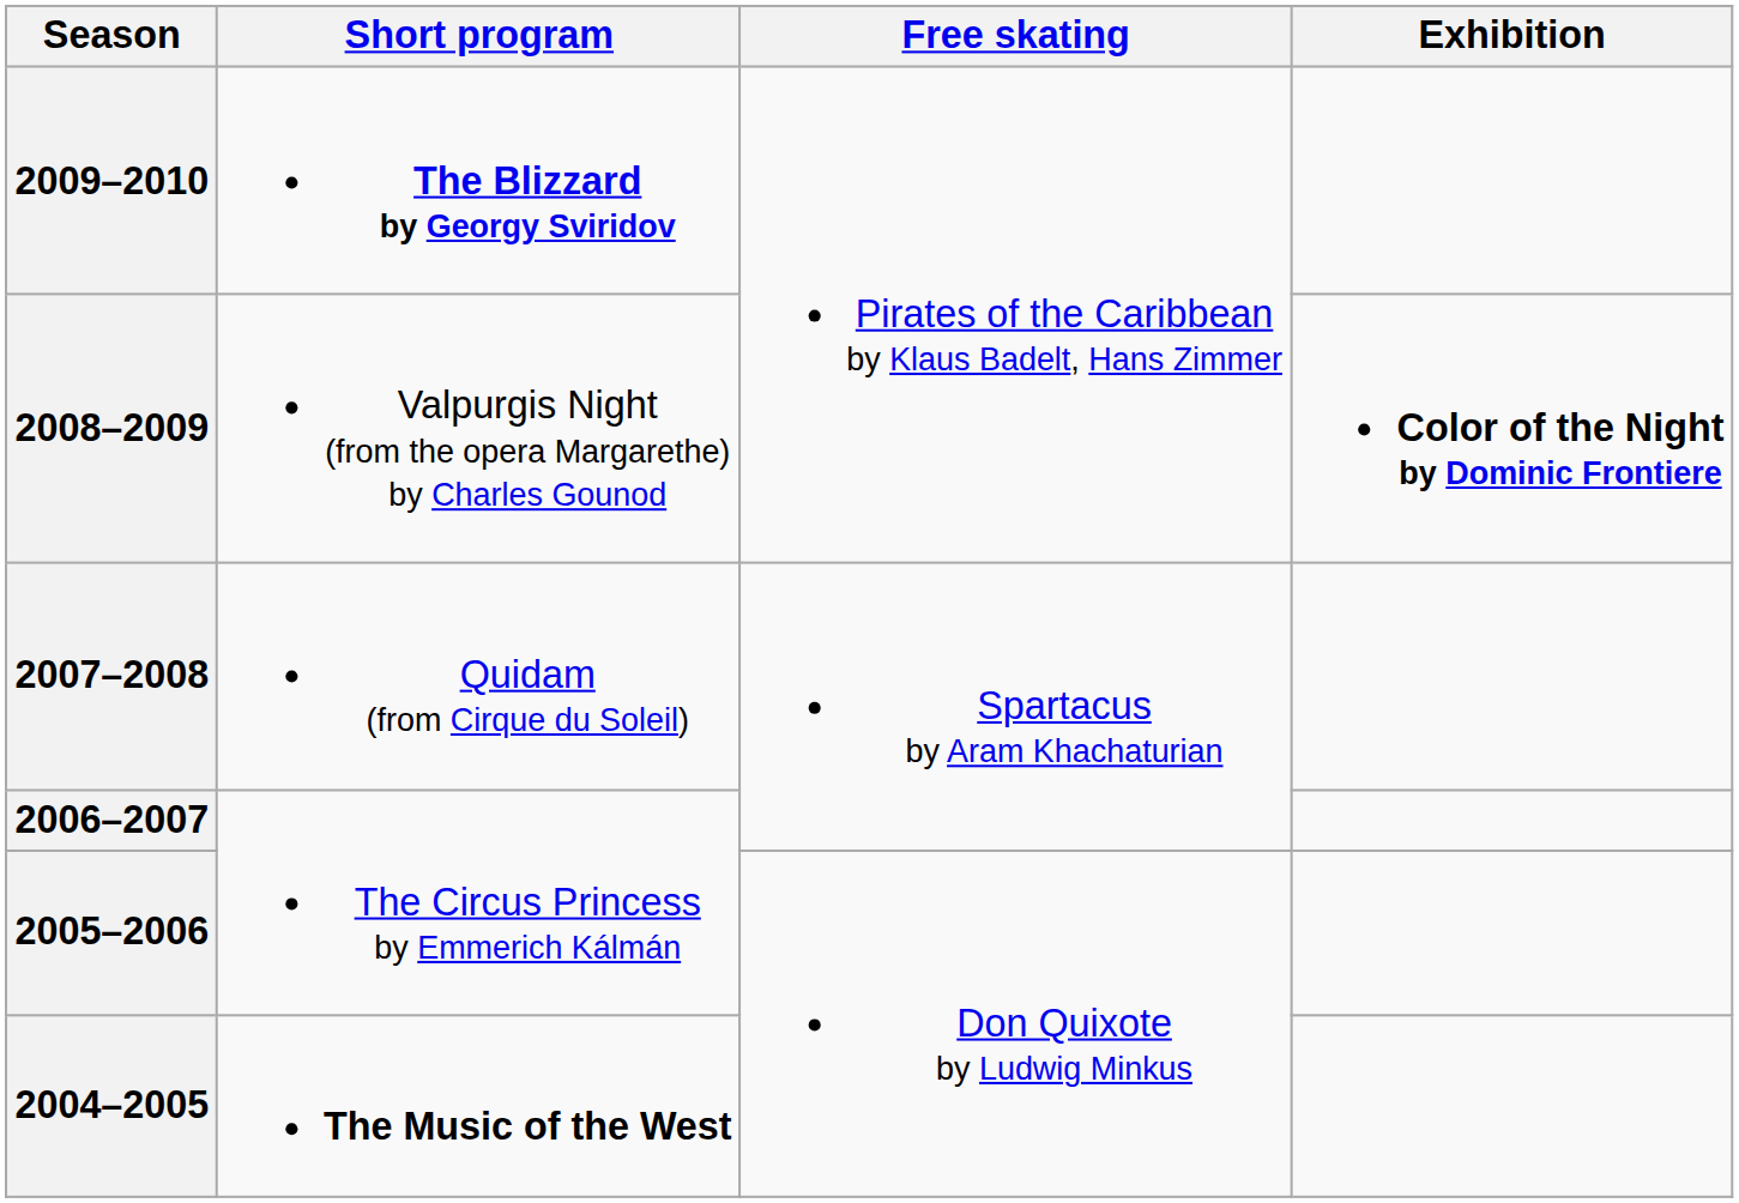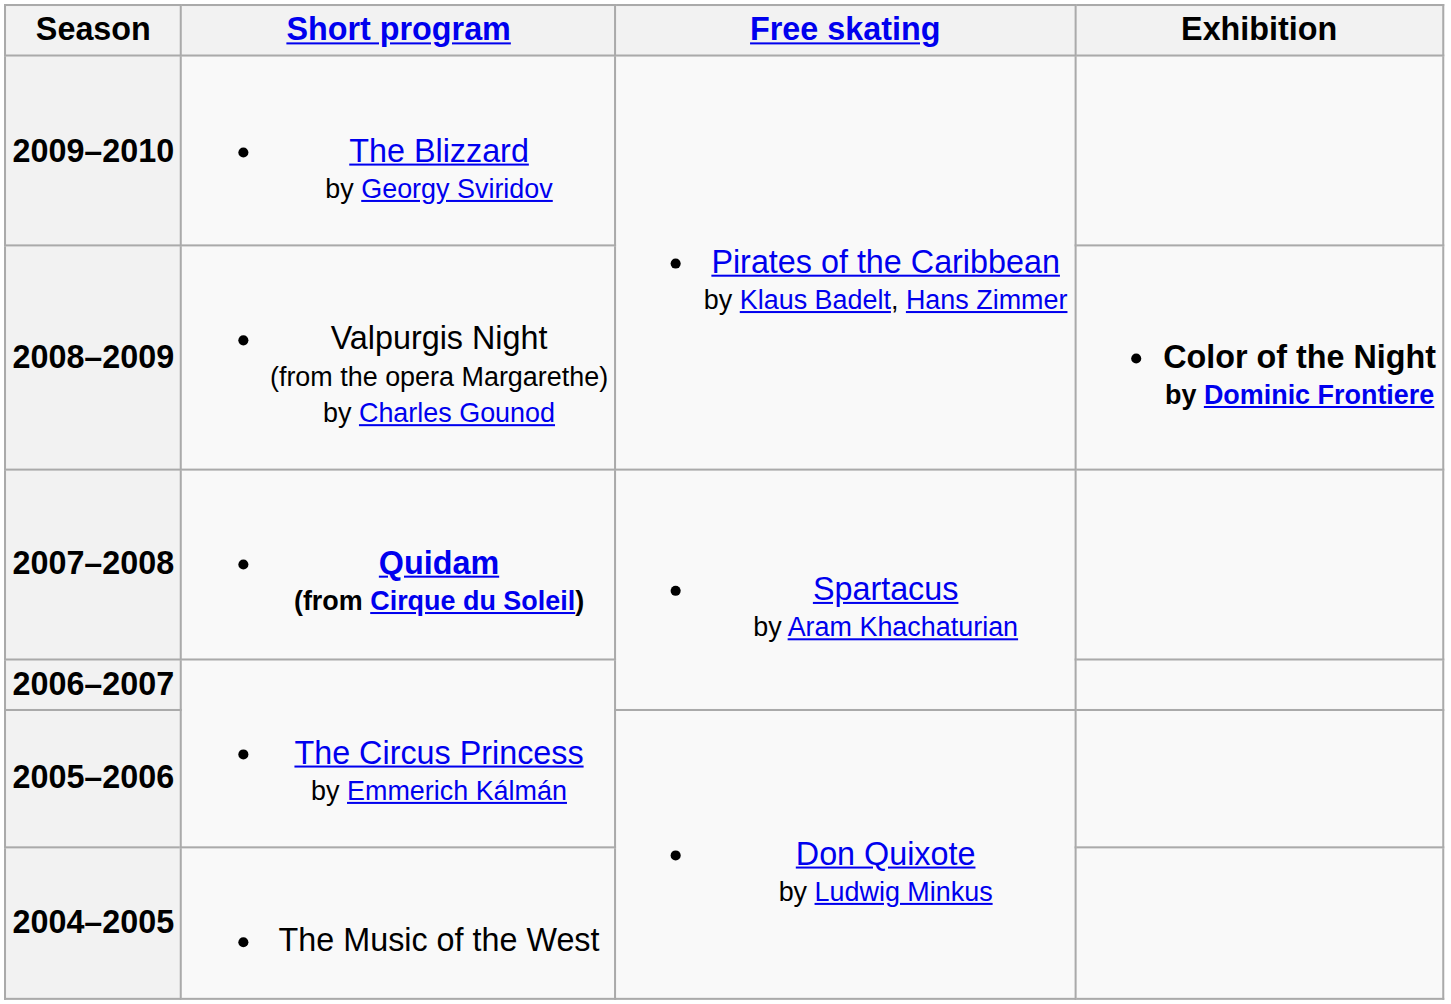 <table class=wikitable style=text-align:center>
 <tr>
 <th>Season</th>
 <th><a href='#'>Short program</a></th>
 <th><a href='#'>Free skating</a></th>
 <th>Exhibition</th>
 </tr>
 <tr>
 <th>2009–2010 <br> </th>
-<td><strong><br><ul><li><a href='#'>The Blizzard</a> <br><small> by <a href='#'>Georgy Sviridov</a> </small></li></ul></strong></td>
+<td><br><ul><li><a href='#'>The Blizzard</a> <br><small> by <a href='#'>Georgy Sviridov</a> </small></li></ul></td>
 <td rowspan=2><br><ul><li><a href='#'>Pirates of the Caribbean</a> <br><small> by <a href='#'>Klaus Badelt</a>, <a href='#'>Hans Zimmer</a> </small></li></ul></td>
 <td></td>
 </tr>
 <tr>
 <th>2008–2009 <br> </th>
 <td><br><ul><li>Valpurgis Night <br><small> (from the opera Margarethe) <br> by <a href='#'>Charles Gounod</a> </small></li></ul></td>
 <td><strong><br><ul><li>Color of the Night <br><small> by <a href='#'>Dominic Frontiere</a> </small></li></ul></strong></td>
 </tr>
 <tr>
 <th>2007–2008 <br> </th>
-<td><br><ul><li><a href='#'>Quidam</a> <br><small> (from <a href='#'>Cirque du Soleil</a>) </small></li></ul></td>
+<td><strong><br><ul><li><a href='#'>Quidam</a> <br><small> (from <a href='#'>Cirque du Soleil</a>) </small></li></ul></strong></td>
 <td rowspan=2><br><ul><li><a href='#'>Spartacus</a> <br><small> by <a href='#'>Aram Khachaturian</a> </small></li></ul></td>
 <td></td>
 </tr>
 <tr>
 <th>2006–2007 <br> </th>
 <td rowspan=2><br><ul><li><a href='#'>The Circus Princess</a> <br><small> by <a href='#'>Emmerich Kálmán</a> </small></li></ul></td>
 <td></td>
 </tr>
 <tr>
 <th>2005–2006 <br> </th>
 <td rowspan=2><br><ul><li><a href='#'>Don Quixote</a> <br><small> by <a href='#'>Ludwig Minkus</a> </small></li></ul></td>
 <td></td>
 </tr>
 <tr>
 <th>2004–2005 <br> </th>
-<td><strong><br><ul><li>The Music of the West</li></ul></strong></td>
+<td><br><ul><li>The Music of the West</li></ul></td>
 <td></td>
 </tr>
 </table>
